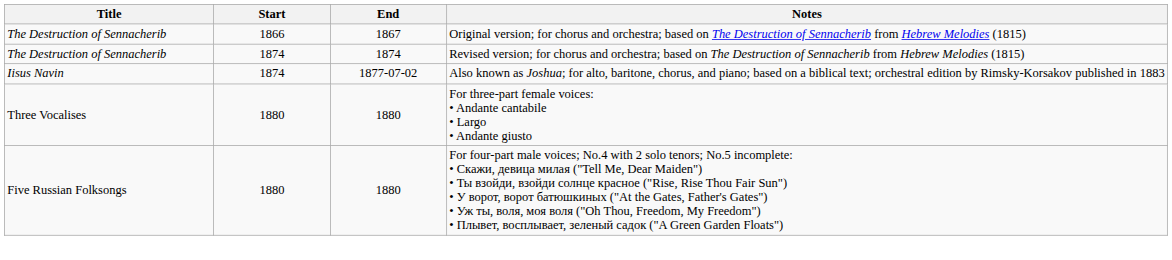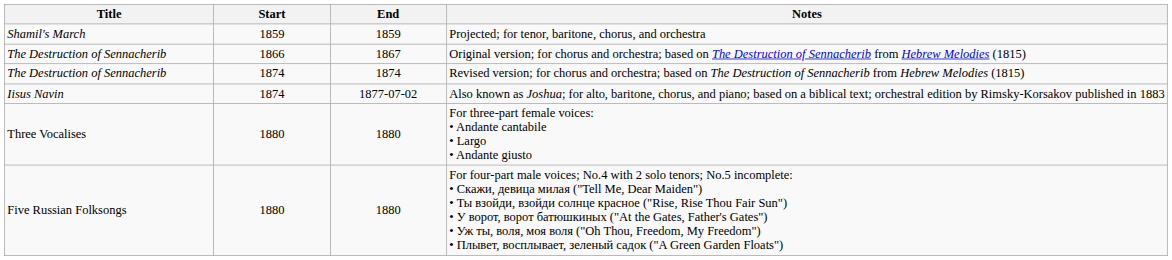 <table class="wikitable sortable">
 <tr>
 <th style="width:18%;">Title</th>
 <th style="width:10%;">Start</th>
 <th style="width:10%;">End</th>
 <th style="width:62%;">Notes</th>
+</tr>
+<tr>
+<td><em>Shamil's March</em></td>
+<td align="center">1859</td>
+<td align=center>1859</td>
+<td>Projected; for tenor, baritone, chorus, and orchestra</td>
 </tr>
 <tr>
 <td><em>The Destruction of Sennacherib</em></td>
 <td align="center">1866</td>
 <td align=center>1867</td>
 <td>Original version; for chorus and orchestra; based on <em><a href='#'>The Destruction of Sennacherib</a></em> from <em><a href='#'>Hebrew Melodies</a></em> (1815)</td>
 </tr>
 <tr>
 <td><em>The Destruction of Sennacherib</em></td>
 <td align="center">1874</td>
 <td align=center>1874</td>
 <td>Revised version; for chorus and orchestra; based on <em>The Destruction of Sennacherib</em> from <em>Hebrew Melodies</em> (1815)</td>
 </tr>
 <tr>
 <td><em>Iisus Navin</em></td>
 <td align="center">1874</td>
 <td align=center>1877-07-02</td>
 <td>Also known as <em>Joshua</em>; for alto, baritone, chorus, and piano; based on a biblical text; orchestral edition by Rimsky-Korsakov published in 1883</td>
 </tr>
 <tr>
 <td>Three Vocalises</td>
 <td align=center>1880</td>
 <td align=center>1880</td>
 <td>For three-part female voices:<br>• Andante cantabile<br> • Largo<br> • Andante giusto</td>
 </tr>
 <tr>
 <td>Five Russian Folksongs</td>
 <td align=center>1880</td>
 <td align=center>1880</td>
 <td>For four-part male voices; No.4 with 2 solo tenors; No.5 incomplete:<br>• Скажи, девица милая ("Tell Me, Dear Maiden")<br> • Ты взойди, взойди солнце красное ("Rise, Rise Thou Fair Sun")<br> • У ворот, ворот батюшкиных ("At the Gates, Father's Gates")<br> • Уж ты, воля, моя воля ("Oh Thou, Freedom, My Freedom")<br> • Плывет, восплывает, зеленый садок ("A Green Garden Floats")</td>
 </tr>
 </table>
